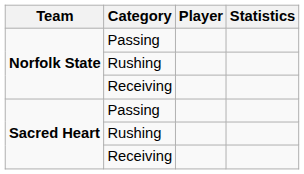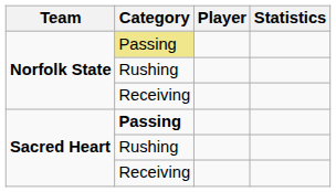 <table class="wikitable" style="float: right;">
 <tr>
 <th>Team</th>
 <th>Category</th>
 <th>Player</th>
 <th>Statistics</th>
 </tr>
 <tr>
 <td rowspan=3><strong>Norfolk State</strong></td>
-<td>Passing</td>
+<td style="background: khaki;">Passing</td>
 <td></td>
 <td></td>
 </tr>
 <tr>
 <td>Rushing</td>
 <td></td>
 <td></td>
 </tr>
 <tr>
 <td>Receiving</td>
 <td></td>
 <td></td>
 </tr>
 <tr>
 <td rowspan=3><strong>Sacred Heart</strong></td>
-<td>Passing</td>
+<td><strong>Passing</strong></td>
 <td></td>
 <td></td>
 </tr>
 <tr>
 <td>Rushing</td>
 <td></td>
 <td></td>
 </tr>
 <tr>
 <td>Receiving</td>
 <td></td>
 <td></td>
 </tr>
 </table>
